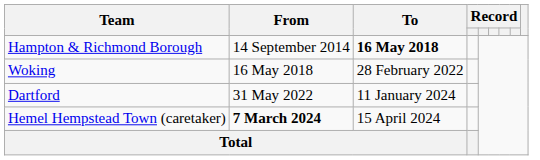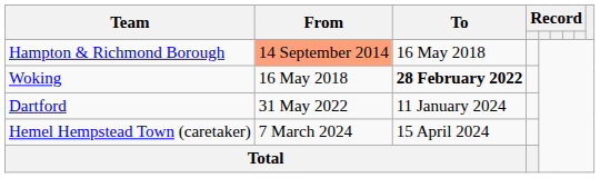 <table class=wikitable style="text-align: center">
 <tr>
 <th rowspan=2>Team</th>
 <th rowspan=2>From</th>
 <th rowspan=2>To</th>
 <th colspan=5>Record</th>
 <th rowspan=2></th>
 </tr>
 <tr>
 <th></th>
 <th></th>
 <th></th>
 <th></th>
 <th></th>
 </tr>
 <tr>
 <td align=left><a href='#'>Hampton & Richmond Borough</a></td>
-<td align=left>14 September 2014</td>
-<td align=left><strong>16 May 2018<br></strong></td>
+<td align=left style="background: lightsalmon;">14 September 2014</td>
+<td align=left>16 May 2018<br></td>
 <td></td>
 </tr>
 <tr>
 <td align=left><a href='#'>Woking</a></td>
 <td align=left>16 May 2018</td>
-<td align=left>28 February 2022<br></td>
+<td align=left><strong>28 February 2022<br></strong></td>
 <td></td>
 </tr>
 <tr>
 <td align=left><a href='#'>Dartford</a></td>
 <td align=left>31 May 2022</td>
 <td align=left>11 January 2024<br></td>
 <td></td>
 </tr>
 <tr>
 <td align=left><a href='#'>Hemel Hempstead Town</a> (caretaker)</td>
-<td align=left><strong>7 March 2024</strong></td>
+<td align=left>7 March 2024</td>
 <td align=left>15 April 2024<br></td>
 <td></td>
 </tr>
 <tr>
 <th colspan=3>Total<br></th>
 <th></th>
 </tr>
 </table>
